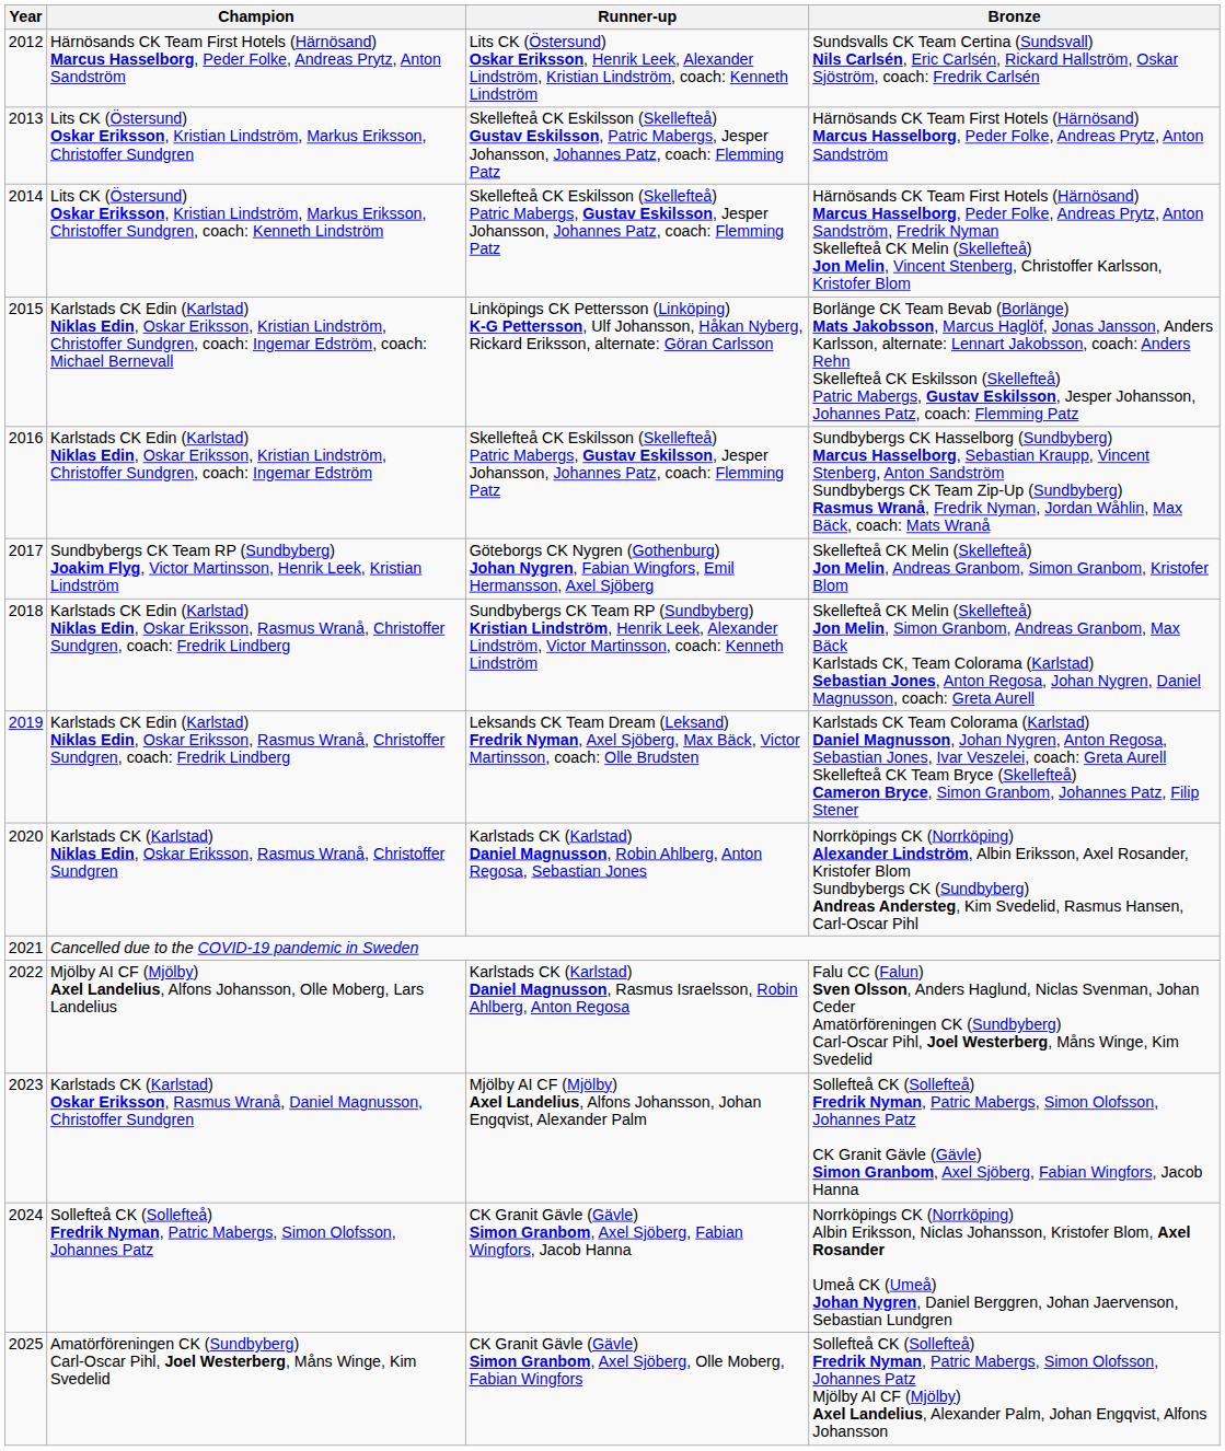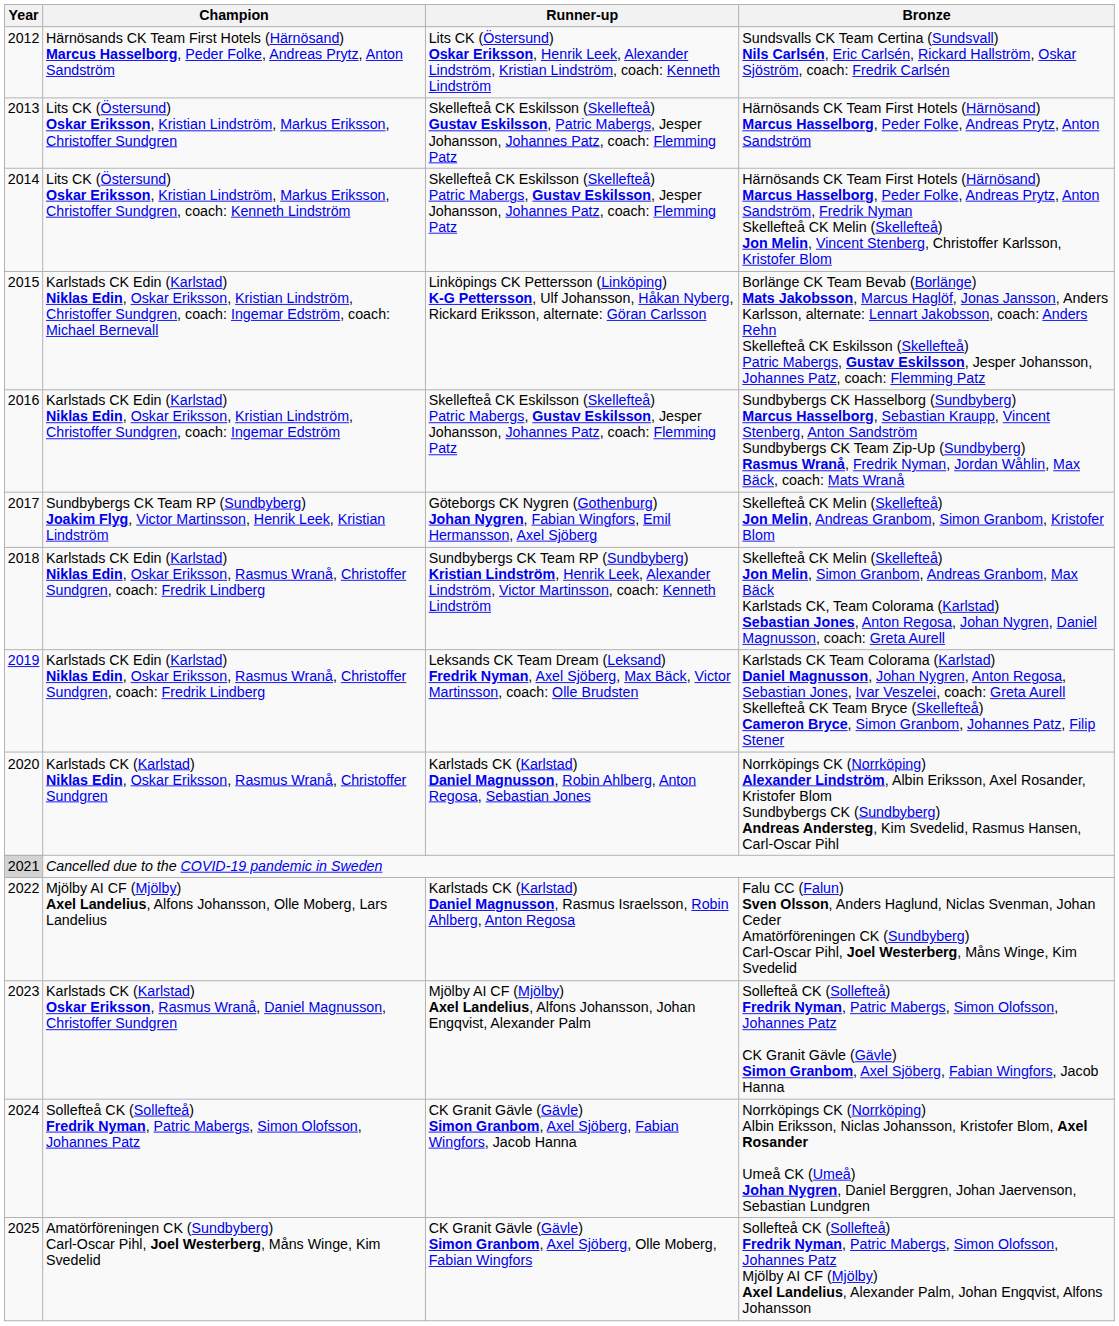 <table class="wikitable">
 <tr>
 <th>Year</th>
 <th>Champion</th>
 <th>Runner-up</th>
 <th>Bronze</th>
 </tr>
 <tr valign="top">
 <td align=center>2012</td>
 <td>Härnösands CK Team First Hotels (<a href='#'>Härnösand</a>)<br><strong><a href='#'>Marcus Hasselborg</a></strong>, <a href='#'>Peder Folke</a>, <a href='#'>Andreas Prytz</a>, <a href='#'>Anton Sandström</a></td>
 <td>Lits CK (<a href='#'>Östersund</a>)<br><strong><a href='#'>Oskar Eriksson</a></strong>, <a href='#'>Henrik Leek</a>, <a href='#'>Alexander Lindström</a>, <a href='#'>Kristian Lindström</a>, coach: <a href='#'>Kenneth Lindström</a></td>
 <td>Sundsvalls CK Team Certina (<a href='#'>Sundsvall</a>)<br><strong><a href='#'>Nils Carlsén</a></strong>, <a href='#'>Eric Carlsén</a>, <a href='#'>Rickard Hallström</a>, <a href='#'>Oskar Sjöström</a>, coach: <a href='#'>Fredrik Carlsén</a></td>
 </tr>
 <tr valign="top">
 <td align=center>2013</td>
 <td>Lits CK (<a href='#'>Östersund</a>)<br><strong><a href='#'>Oskar Eriksson</a></strong>, <a href='#'>Kristian Lindström</a>, <a href='#'>Markus Eriksson</a>, <a href='#'>Christoffer Sundgren</a></td>
 <td>Skellefteå CK Eskilsson (<a href='#'>Skellefteå</a>)<br><strong><a href='#'>Gustav Eskilsson</a></strong>, <a href='#'>Patric Mabergs</a>, Jesper Johansson, <a href='#'>Johannes Patz</a>, coach: <a href='#'>Flemming Patz</a></td>
 <td>Härnösands CK Team First Hotels (<a href='#'>Härnösand</a>)<br><strong><a href='#'>Marcus Hasselborg</a></strong>, <a href='#'>Peder Folke</a>, <a href='#'>Andreas Prytz</a>, <a href='#'>Anton Sandström</a></td>
 </tr>
 <tr valign="top">
 <td align=center>2014</td>
 <td>Lits CK (<a href='#'>Östersund</a>)<br><strong><a href='#'>Oskar Eriksson</a></strong>, <a href='#'>Kristian Lindström</a>, <a href='#'>Markus Eriksson</a>, <a href='#'>Christoffer Sundgren</a>, coach: <a href='#'>Kenneth Lindström</a></td>
 <td>Skellefteå CK Eskilsson (<a href='#'>Skellefteå</a>)<br><a href='#'>Patric Mabergs</a>, <strong><a href='#'>Gustav Eskilsson</a></strong>, Jesper Johansson, <a href='#'>Johannes Patz</a>, coach: <a href='#'>Flemming Patz</a></td>
 <td>Härnösands CK Team First Hotels (<a href='#'>Härnösand</a>)<br><strong><a href='#'>Marcus Hasselborg</a></strong>, <a href='#'>Peder Folke</a>, <a href='#'>Andreas Prytz</a>, <a href='#'>Anton Sandström</a>, <a href='#'>Fredrik Nyman</a><br>Skellefteå CK Melin (<a href='#'>Skellefteå</a>)<br><strong><a href='#'>Jon Melin</a></strong>, <a href='#'>Vincent Stenberg</a>, Christoffer Karlsson, <a href='#'>Kristofer Blom</a></td>
 </tr>
 <tr valign="top">
 <td align=center>2015<br></td>
 <td>Karlstads CK Edin (<a href='#'>Karlstad</a>)<br><strong><a href='#'>Niklas Edin</a></strong>, <a href='#'>Oskar Eriksson</a>, <a href='#'>Kristian Lindström</a>, <a href='#'>Christoffer Sundgren</a>, coach: <a href='#'>Ingemar Edström</a>, coach: <a href='#'>Michael Bernevall</a></td>
 <td>Linköpings CK Pettersson (<a href='#'>Linköping</a>)<br><strong><a href='#'>K-G Pettersson</a></strong>, Ulf Johansson, <a href='#'>Håkan Nyberg</a>, Rickard Eriksson, alternate: <a href='#'>Göran Carlsson</a></td>
 <td>Borlänge CK Team Bevab (<a href='#'>Borlänge</a>)<br><strong><a href='#'>Mats Jakobsson</a></strong>, <a href='#'>Marcus Haglöf</a>, <a href='#'>Jonas Jansson</a>, Anders Karlsson, alternate: <a href='#'>Lennart Jakobsson</a>, coach: <a href='#'>Anders Rehn</a><br>Skellefteå CK Eskilsson (<a href='#'>Skellefteå</a>)<br><a href='#'>Patric Mabergs</a>, <strong><a href='#'>Gustav Eskilsson</a></strong>, Jesper Johansson, <a href='#'>Johannes Patz</a>, coach: <a href='#'>Flemming Patz</a></td>
 </tr>
 <tr valign="top">
 <td align=center>2016</td>
 <td>Karlstads CK Edin (<a href='#'>Karlstad</a>)<br><strong><a href='#'>Niklas Edin</a></strong>, <a href='#'>Oskar Eriksson</a>, <a href='#'>Kristian Lindström</a>, <a href='#'>Christoffer Sundgren</a>, coach: <a href='#'>Ingemar Edström</a></td>
 <td>Skellefteå CK Eskilsson (<a href='#'>Skellefteå</a>)<br><a href='#'>Patric Mabergs</a>, <strong><a href='#'>Gustav Eskilsson</a></strong>, Jesper Johansson, <a href='#'>Johannes Patz</a>, coach: <a href='#'>Flemming Patz</a></td>
 <td>Sundbybergs CK Hasselborg (<a href='#'>Sundbyberg</a>)<br><strong><a href='#'>Marcus Hasselborg</a></strong>, <a href='#'>Sebastian Kraupp</a>, <a href='#'>Vincent Stenberg</a>, <a href='#'>Anton Sandström</a><br>Sundbybergs CK Team Zip-Up (<a href='#'>Sundbyberg</a>)<br><strong><a href='#'>Rasmus Wranå</a></strong>, <a href='#'>Fredrik Nyman</a>, <a href='#'>Jordan Wåhlin</a>, <a href='#'>Max Bäck</a>, coach: <a href='#'>Mats Wranå</a></td>
 </tr>
 <tr valign="top">
 <td align=center>2017</td>
 <td>Sundbybergs CK Team RP (<a href='#'>Sundbyberg</a>)<br><strong><a href='#'>Joakim Flyg</a></strong>, <a href='#'>Victor Martinsson</a>, <a href='#'>Henrik Leek</a>, <a href='#'>Kristian Lindström</a></td>
 <td>Göteborgs CK Nygren (<a href='#'>Gothenburg</a>)<br><strong><a href='#'>Johan Nygren</a></strong>, <a href='#'>Fabian Wingfors</a>, <a href='#'>Emil Hermansson</a>, <a href='#'>Axel Sjöberg</a></td>
 <td>Skellefteå CK Melin (<a href='#'>Skellefteå</a>)<br><strong><a href='#'>Jon Melin</a></strong>, <a href='#'>Andreas Granbom</a>, <a href='#'>Simon Granbom</a>, <a href='#'>Kristofer Blom</a></td>
 </tr>
 <tr valign="top">
 <td align=center>2018</td>
 <td>Karlstads CK Edin (<a href='#'>Karlstad</a>)<br><strong><a href='#'>Niklas Edin</a></strong>, <a href='#'>Oskar Eriksson</a>, <a href='#'>Rasmus Wranå</a>, <a href='#'>Christoffer Sundgren</a>, coach: <a href='#'>Fredrik Lindberg</a></td>
 <td>Sundbybergs CK Team RP (<a href='#'>Sundbyberg</a>)<br><strong><a href='#'>Kristian Lindström</a></strong>, <a href='#'>Henrik Leek</a>, <a href='#'>Alexander Lindström</a>, <a href='#'>Victor Martinsson</a>, coach: <a href='#'>Kenneth Lindström</a></td>
 <td>Skellefteå CK Melin (<a href='#'>Skellefteå</a>)<br><strong><a href='#'>Jon Melin</a></strong>, <a href='#'>Simon Granbom</a>, <a href='#'>Andreas Granbom</a>, <a href='#'>Max Bäck</a><br>Karlstads CK, Team Colorama (<a href='#'>Karlstad</a>)<br><strong><a href='#'>Sebastian Jones</a></strong>, <a href='#'>Anton Regosa</a>, <a href='#'>Johan Nygren</a>, <a href='#'>Daniel Magnusson</a>, coach: <a href='#'>Greta Aurell</a></td>
 </tr>
 <tr valign="top">
 <td align=center><a href='#'>2019</a><br></td>
 <td>Karlstads CK Edin (<a href='#'>Karlstad</a>)<br><strong><a href='#'>Niklas Edin</a></strong>, <a href='#'>Oskar Eriksson</a>, <a href='#'>Rasmus Wranå</a>, <a href='#'>Christoffer Sundgren</a>, coach: <a href='#'>Fredrik Lindberg</a></td>
 <td>Leksands CK Team Dream (<a href='#'>Leksand</a>)<br><strong><a href='#'>Fredrik Nyman</a></strong>, <a href='#'>Axel Sjöberg</a>, <a href='#'>Max Bäck</a>, <a href='#'>Victor Martinsson</a>, coach: <a href='#'>Olle Brudsten</a></td>
 <td>Karlstads CK Team Colorama (<a href='#'>Karlstad</a>)<br><strong><a href='#'>Daniel Magnusson</a></strong>, <a href='#'>Johan Nygren</a>, <a href='#'>Anton Regosa</a>, <a href='#'>Sebastian Jones</a>, <a href='#'>Ivar Veszelei</a>, coach: <a href='#'>Greta Aurell</a><br>Skellefteå CK Team Bryce (<a href='#'>Skellefteå</a>)<br><strong><a href='#'>Cameron Bryce</a></strong>, <a href='#'>Simon Granbom</a>, <a href='#'>Johannes Patz</a>, <a href='#'>Filip Stener</a></td>
 </tr>
 <tr valign="top">
 <td align=center>2020<br></td>
 <td>Karlstads CK (<a href='#'>Karlstad</a>)<br><strong><a href='#'>Niklas Edin</a></strong>, <a href='#'>Oskar Eriksson</a>, <a href='#'>Rasmus Wranå</a>, <a href='#'>Christoffer Sundgren</a></td>
 <td>Karlstads CK (<a href='#'>Karlstad</a>)<br><strong><a href='#'>Daniel Magnusson</a></strong>, <a href='#'>Robin Ahlberg</a>, <a href='#'>Anton Regosa</a>, <a href='#'>Sebastian Jones</a></td>
 <td>Norrköpings CK (<a href='#'>Norrköping</a>) <br><strong><a href='#'>Alexander Lindström</a></strong>, Albin Eriksson, Axel Rosander, Kristofer Blom<br>Sundbybergs CK (<a href='#'>Sundbyberg</a>)<br><strong>Andreas Andersteg</strong>, Kim Svedelid, Rasmus Hansen, Carl-Oscar Pihl</td>
 </tr>
 <tr valign="top">
-<td align=center>2021</td>
+<td align=center style="background: lightgrey;">2021</td>
 <td colspan="3"><em>Cancelled due to the <a href='#'>COVID-19 pandemic in Sweden</a></em></td>
 </tr>
 <tr valign="top">
 <td align=center>2022</td>
 <td>Mjölby AI CF (<a href='#'>Mjölby</a>) <br> <strong>Axel Landelius</strong>, Alfons Johansson, Olle Moberg, Lars Landelius</td>
 <td>Karlstads CK (<a href='#'>Karlstad</a>) <br> <strong><a href='#'>Daniel Magnusson</a></strong>, Rasmus Israelsson, <a href='#'>Robin Ahlberg</a>, <a href='#'>Anton Regosa</a></td>
 <td>Falu CC (<a href='#'>Falun</a>) <br> <strong>Sven Olsson</strong>, Anders Haglund, Niclas Svenman, Johan Ceder <br> Amatörföreningen CK (<a href='#'>Sundbyberg</a>) <br> Carl-Oscar Pihl, <strong>Joel Westerberg</strong>, Måns Winge, Kim Svedelid</td>
 </tr>
 <tr valign="top">
 <td align=center>2023</td>
 <td>Karlstads CK (<a href='#'>Karlstad</a>) <br> <strong><a href='#'>Oskar Eriksson</a></strong>, <a href='#'>Rasmus Wranå</a>, <a href='#'>Daniel Magnusson</a>, <a href='#'>Christoffer Sundgren</a></td>
 <td>Mjölby AI CF (<a href='#'>Mjölby</a>) <br> <strong>Axel Landelius</strong>, Alfons Johansson, Johan Engqvist, Alexander Palm</td>
 <td>Sollefteå CK (<a href='#'>Sollefteå</a>) <br> <strong><a href='#'>Fredrik Nyman</a></strong>, <a href='#'>Patric Mabergs</a>, <a href='#'>Simon Olofsson</a>, <a href='#'>Johannes Patz</a> <br><br>CK Granit Gävle (<a href='#'>Gävle</a>) <br> <strong><a href='#'>Simon Granbom</a></strong>, <a href='#'>Axel Sjöberg</a>, <a href='#'>Fabian Wingfors</a>, Jacob Hanna</td>
 </tr>
 <tr valign="top">
 <td align=center>2024</td>
 <td>Sollefteå CK (<a href='#'>Sollefteå</a>) <br><strong><a href='#'>Fredrik Nyman</a></strong>, <a href='#'>Patric Mabergs</a>, <a href='#'>Simon Olofsson</a>, <a href='#'>Johannes Patz</a></td>
 <td>CK Granit Gävle (<a href='#'>Gävle</a>) <br> <strong><a href='#'>Simon Granbom</a></strong>, <a href='#'>Axel Sjöberg</a>, <a href='#'>Fabian Wingfors</a>, Jacob Hanna</td>
 <td>Norrköpings CK (<a href='#'>Norrköping</a>) <br> Albin Eriksson, Niclas Johansson, Kristofer Blom, <strong>Axel Rosander</strong> <br><br>Umeå CK (<a href='#'>Umeå</a>) <br> <strong><a href='#'>Johan Nygren</a></strong>, Daniel Berggren, Johan Jaervenson, Sebastian Lundgren</td>
 </tr>
 <tr valign="top">
 <td align=center>2025</td>
 <td>Amatörföreningen CK (<a href='#'>Sundbyberg</a>) <br> Carl-Oscar Pihl, <strong>Joel Westerberg</strong>, Måns Winge, Kim Svedelid</td>
 <td>CK Granit Gävle (<a href='#'>Gävle</a>) <br> <strong><a href='#'>Simon Granbom</a></strong>, <a href='#'>Axel Sjöberg</a>, Olle Moberg, <a href='#'>Fabian Wingfors</a></td>
 <td>Sollefteå CK (<a href='#'>Sollefteå</a>) <br> <strong><a href='#'>Fredrik Nyman</a></strong>, <a href='#'>Patric Mabergs</a>, <a href='#'>Simon Olofsson</a>, <a href='#'>Johannes Patz</a> <br> Mjölby AI CF (<a href='#'>Mjölby</a>) <br> <strong>Axel Landelius</strong>, Alexander Palm, Johan Engqvist, Alfons Johansson</td>
 </tr>
 </table>
